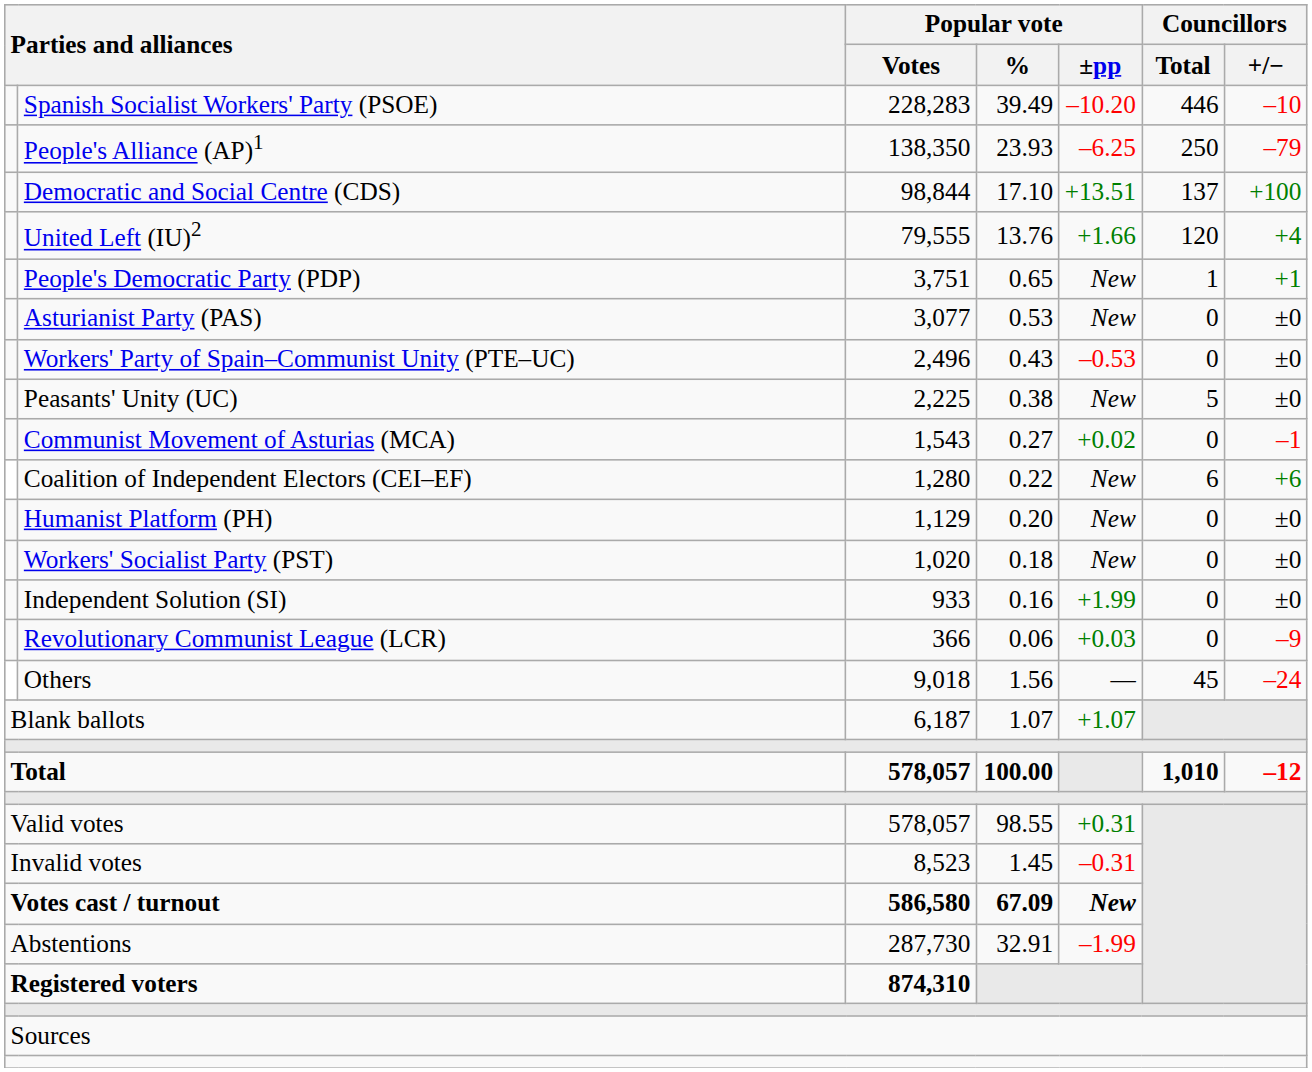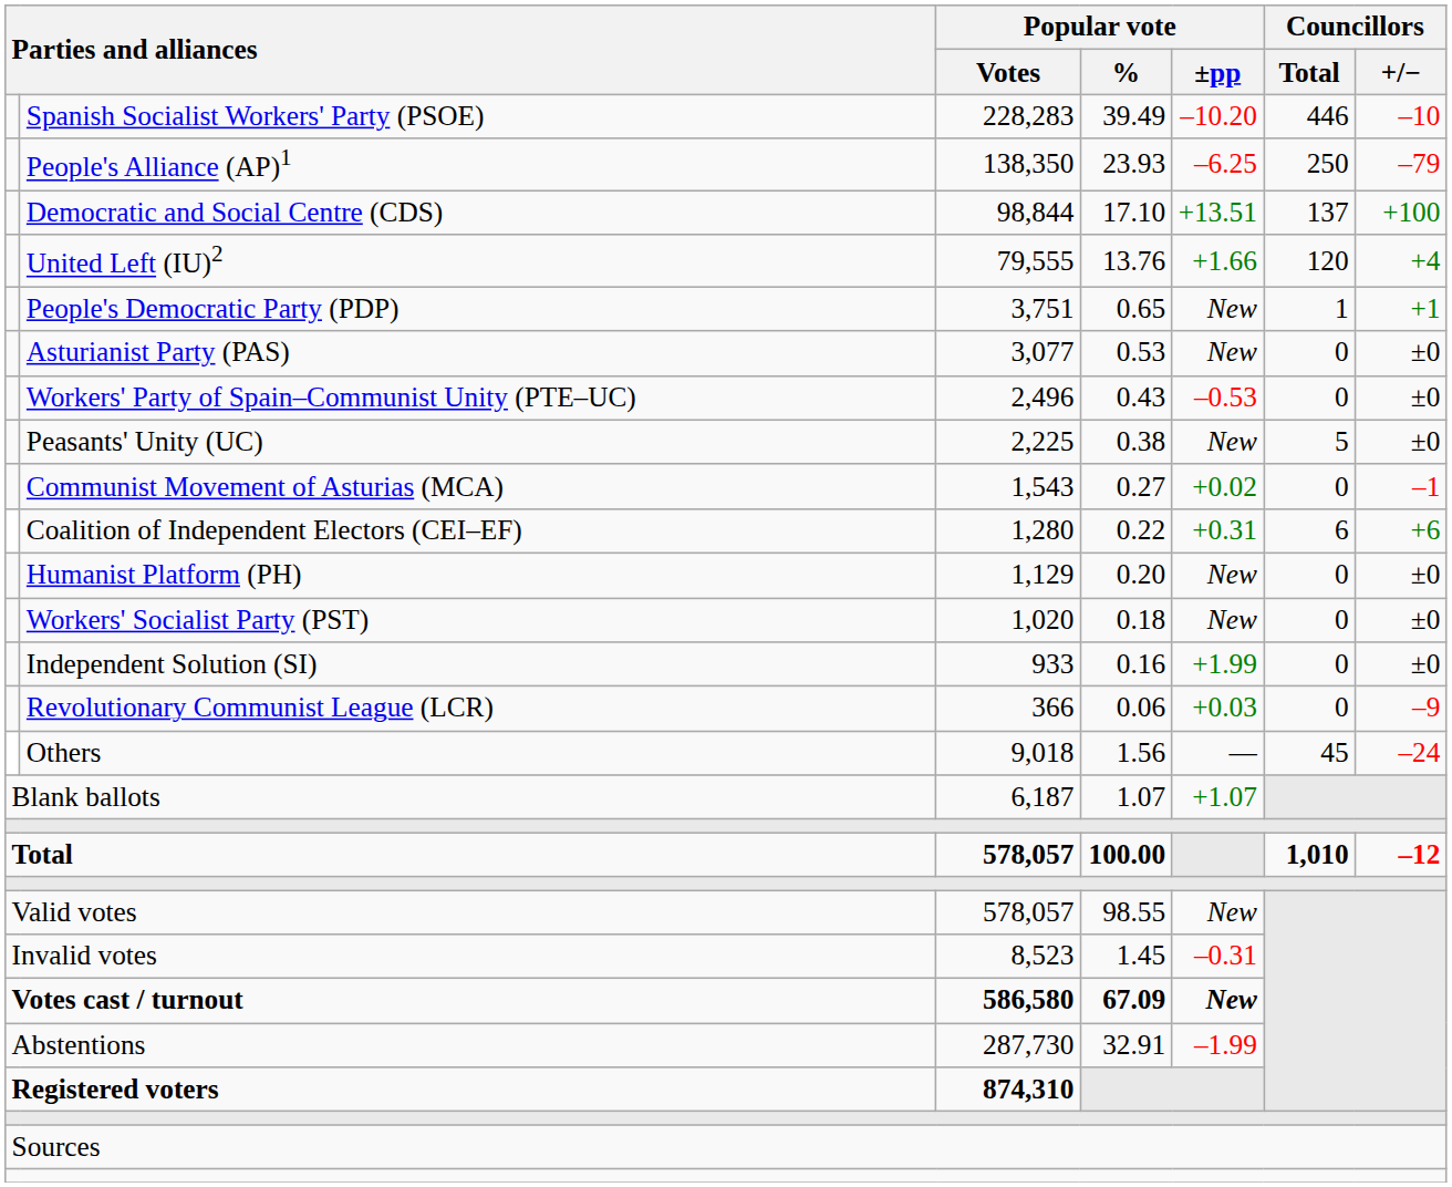 <table class="wikitable" style="text-align:right;">
 <tr>
 <th style="text-align:left;" rowspan="2" colspan="2" width="525">Parties and alliances</th>
 <th colspan="3">Popular vote</th>
 <th colspan="2">Councillors</th>
 </tr>
 <tr>
 <th width="75">Votes</th>
 <th width="45">%</th>
 <th width="45">±<a href='#'>pp</a></th>
 <th width="45">Total</th>
 <th width="45">+/−</th>
 </tr>
 <tr>
 <td width="1" style="color:inherit;background:"></td>
 <td align="left"><a href='#'>Spanish Socialist Workers' Party</a> (PSOE)</td>
 <td>228,283</td>
 <td>39.49</td>
 <td style="color:red;">–10.20</td>
 <td>446</td>
 <td style="color:red;">–10</td>
 </tr>
 <tr>
 <td style="color:inherit;background:"></td>
 <td align="left"><a href='#'>People's Alliance</a> (AP)<sup>1</sup></td>
 <td>138,350</td>
 <td>23.93</td>
 <td style="color:red;">–6.25</td>
 <td>250</td>
 <td style="color:red;">–79</td>
 </tr>
 <tr>
 <td style="color:inherit;background:"></td>
 <td align="left"><a href='#'>Democratic and Social Centre</a> (CDS)</td>
 <td>98,844</td>
 <td>17.10</td>
 <td style="color:green;">+13.51</td>
 <td>137</td>
 <td style="color:green;">+100</td>
 </tr>
 <tr>
 <td style="color:inherit;background:"></td>
 <td align="left"><a href='#'>United Left</a> (IU)<sup>2</sup></td>
 <td>79,555</td>
 <td>13.76</td>
 <td style="color:green;">+1.66</td>
 <td>120</td>
 <td style="color:green;">+4</td>
 </tr>
 <tr>
 <td style="color:inherit;background:"></td>
 <td align="left"><a href='#'>People's Democratic Party</a> (PDP)</td>
 <td>3,751</td>
 <td>0.65</td>
 <td><em>New</em></td>
 <td>1</td>
 <td style="color:green;">+1</td>
 </tr>
 <tr>
 <td style="color:inherit;background:"></td>
 <td align="left"><a href='#'>Asturianist Party</a> (PAS)</td>
 <td>3,077</td>
 <td>0.53</td>
 <td><em>New</em></td>
 <td>0</td>
 <td>±0</td>
 </tr>
 <tr>
 <td style="color:inherit;background:"></td>
 <td align="left"><a href='#'>Workers' Party of Spain–Communist Unity</a> (PTE–UC)</td>
 <td>2,496</td>
 <td>0.43</td>
 <td style="color:red;">–0.53</td>
 <td>0</td>
 <td>±0</td>
 </tr>
 <tr>
 <td style="color:inherit;background:"></td>
 <td align="left">Peasants' Unity (UC)</td>
 <td>2,225</td>
 <td>0.38</td>
 <td><em>New</em></td>
 <td>5</td>
 <td>±0</td>
 </tr>
 <tr>
 <td style="color:inherit;background:"></td>
 <td align="left"><a href='#'>Communist Movement of Asturias</a> (MCA)</td>
 <td>1,543</td>
 <td>0.27</td>
 <td style="color:green;">+0.02</td>
 <td>0</td>
 <td style="color:red;">–1</td>
 </tr>
 <tr>
 <td bgcolor="white"></td>
 <td align="left">Coalition of Independent Electors (CEI–EF)</td>
 <td>1,280</td>
 <td>0.22</td>
-<td><em>New</em></td>
+<td style="color:green;">+0.31</td>
 <td>6</td>
 <td style="color:green;">+6</td>
 </tr>
 <tr>
 <td style="color:inherit;background:"></td>
 <td align="left"><a href='#'>Humanist Platform</a> (PH)</td>
 <td>1,129</td>
 <td>0.20</td>
 <td><em>New</em></td>
 <td>0</td>
 <td>±0</td>
 </tr>
 <tr>
 <td style="color:inherit;background:"></td>
 <td align="left"><a href='#'>Workers' Socialist Party</a> (PST)</td>
 <td>1,020</td>
 <td>0.18</td>
 <td><em>New</em></td>
 <td>0</td>
 <td>±0</td>
 </tr>
 <tr>
 <td style="color:inherit;background:"></td>
 <td align="left">Independent Solution (SI)</td>
 <td>933</td>
 <td>0.16</td>
 <td style="color:green;">+1.99</td>
 <td>0</td>
 <td>±0</td>
 </tr>
 <tr>
 <td style="color:inherit;background:"></td>
 <td align="left"><a href='#'>Revolutionary Communist League</a> (LCR)</td>
 <td>366</td>
 <td>0.06</td>
 <td style="color:green;">+0.03</td>
 <td>0</td>
 <td style="color:red;">–9</td>
 </tr>
 <tr>
 <td bgcolor="white"></td>
 <td align="left">Others</td>
 <td>9,018</td>
 <td>1.56</td>
 <td>—</td>
 <td>45</td>
 <td style="color:red;">–24</td>
 </tr>
 <tr>
 <td align="left" colspan="2">Blank ballots</td>
 <td>6,187</td>
 <td>1.07</td>
 <td style="color:green;">+1.07</td>
 <td bgcolor="#E9E9E9" colspan="2"></td>
 </tr>
 <tr>
 <td colspan="7" bgcolor="#E9E9E9"></td>
 </tr>
 <tr style="font-weight:bold;">
 <td align="left" colspan="2">Total</td>
 <td>578,057</td>
 <td>100.00</td>
 <td bgcolor="#E9E9E9"></td>
 <td>1,010</td>
 <td style="color:red;">–12</td>
 </tr>
 <tr>
 <td colspan="7" bgcolor="#E9E9E9"></td>
 </tr>
 <tr>
 <td align="left" colspan="2">Valid votes</td>
 <td>578,057</td>
 <td>98.55</td>
-<td style="color:green;">+0.31</td>
+<td><em>New</em></td>
 <td bgcolor="#E9E9E9" colspan="2" rowspan="5"></td>
 </tr>
 <tr>
 <td align="left" colspan="2">Invalid votes</td>
 <td>8,523</td>
 <td>1.45</td>
 <td style="color:red;">–0.31</td>
 </tr>
 <tr style="font-weight:bold;">
 <td align="left" colspan="2">Votes cast / turnout</td>
 <td>586,580</td>
 <td>67.09</td>
 <td><em>New</em></td>
 </tr>
 <tr>
 <td align="left" colspan="2">Abstentions</td>
 <td>287,730</td>
 <td>32.91</td>
 <td style="color:red;">–1.99</td>
 </tr>
 <tr style="font-weight:bold;">
 <td align="left" colspan="2">Registered voters</td>
 <td>874,310</td>
 <td bgcolor="#E9E9E9" colspan="2"></td>
 </tr>
 <tr>
 <td colspan="7" bgcolor="#E9E9E9"></td>
 </tr>
 <tr>
 <td align="left" colspan="7">Sources</td>
 </tr>
 <tr>
 <td colspan="7" style="text-align:left; max-width:790px;"></td>
 </tr>
 </table>
